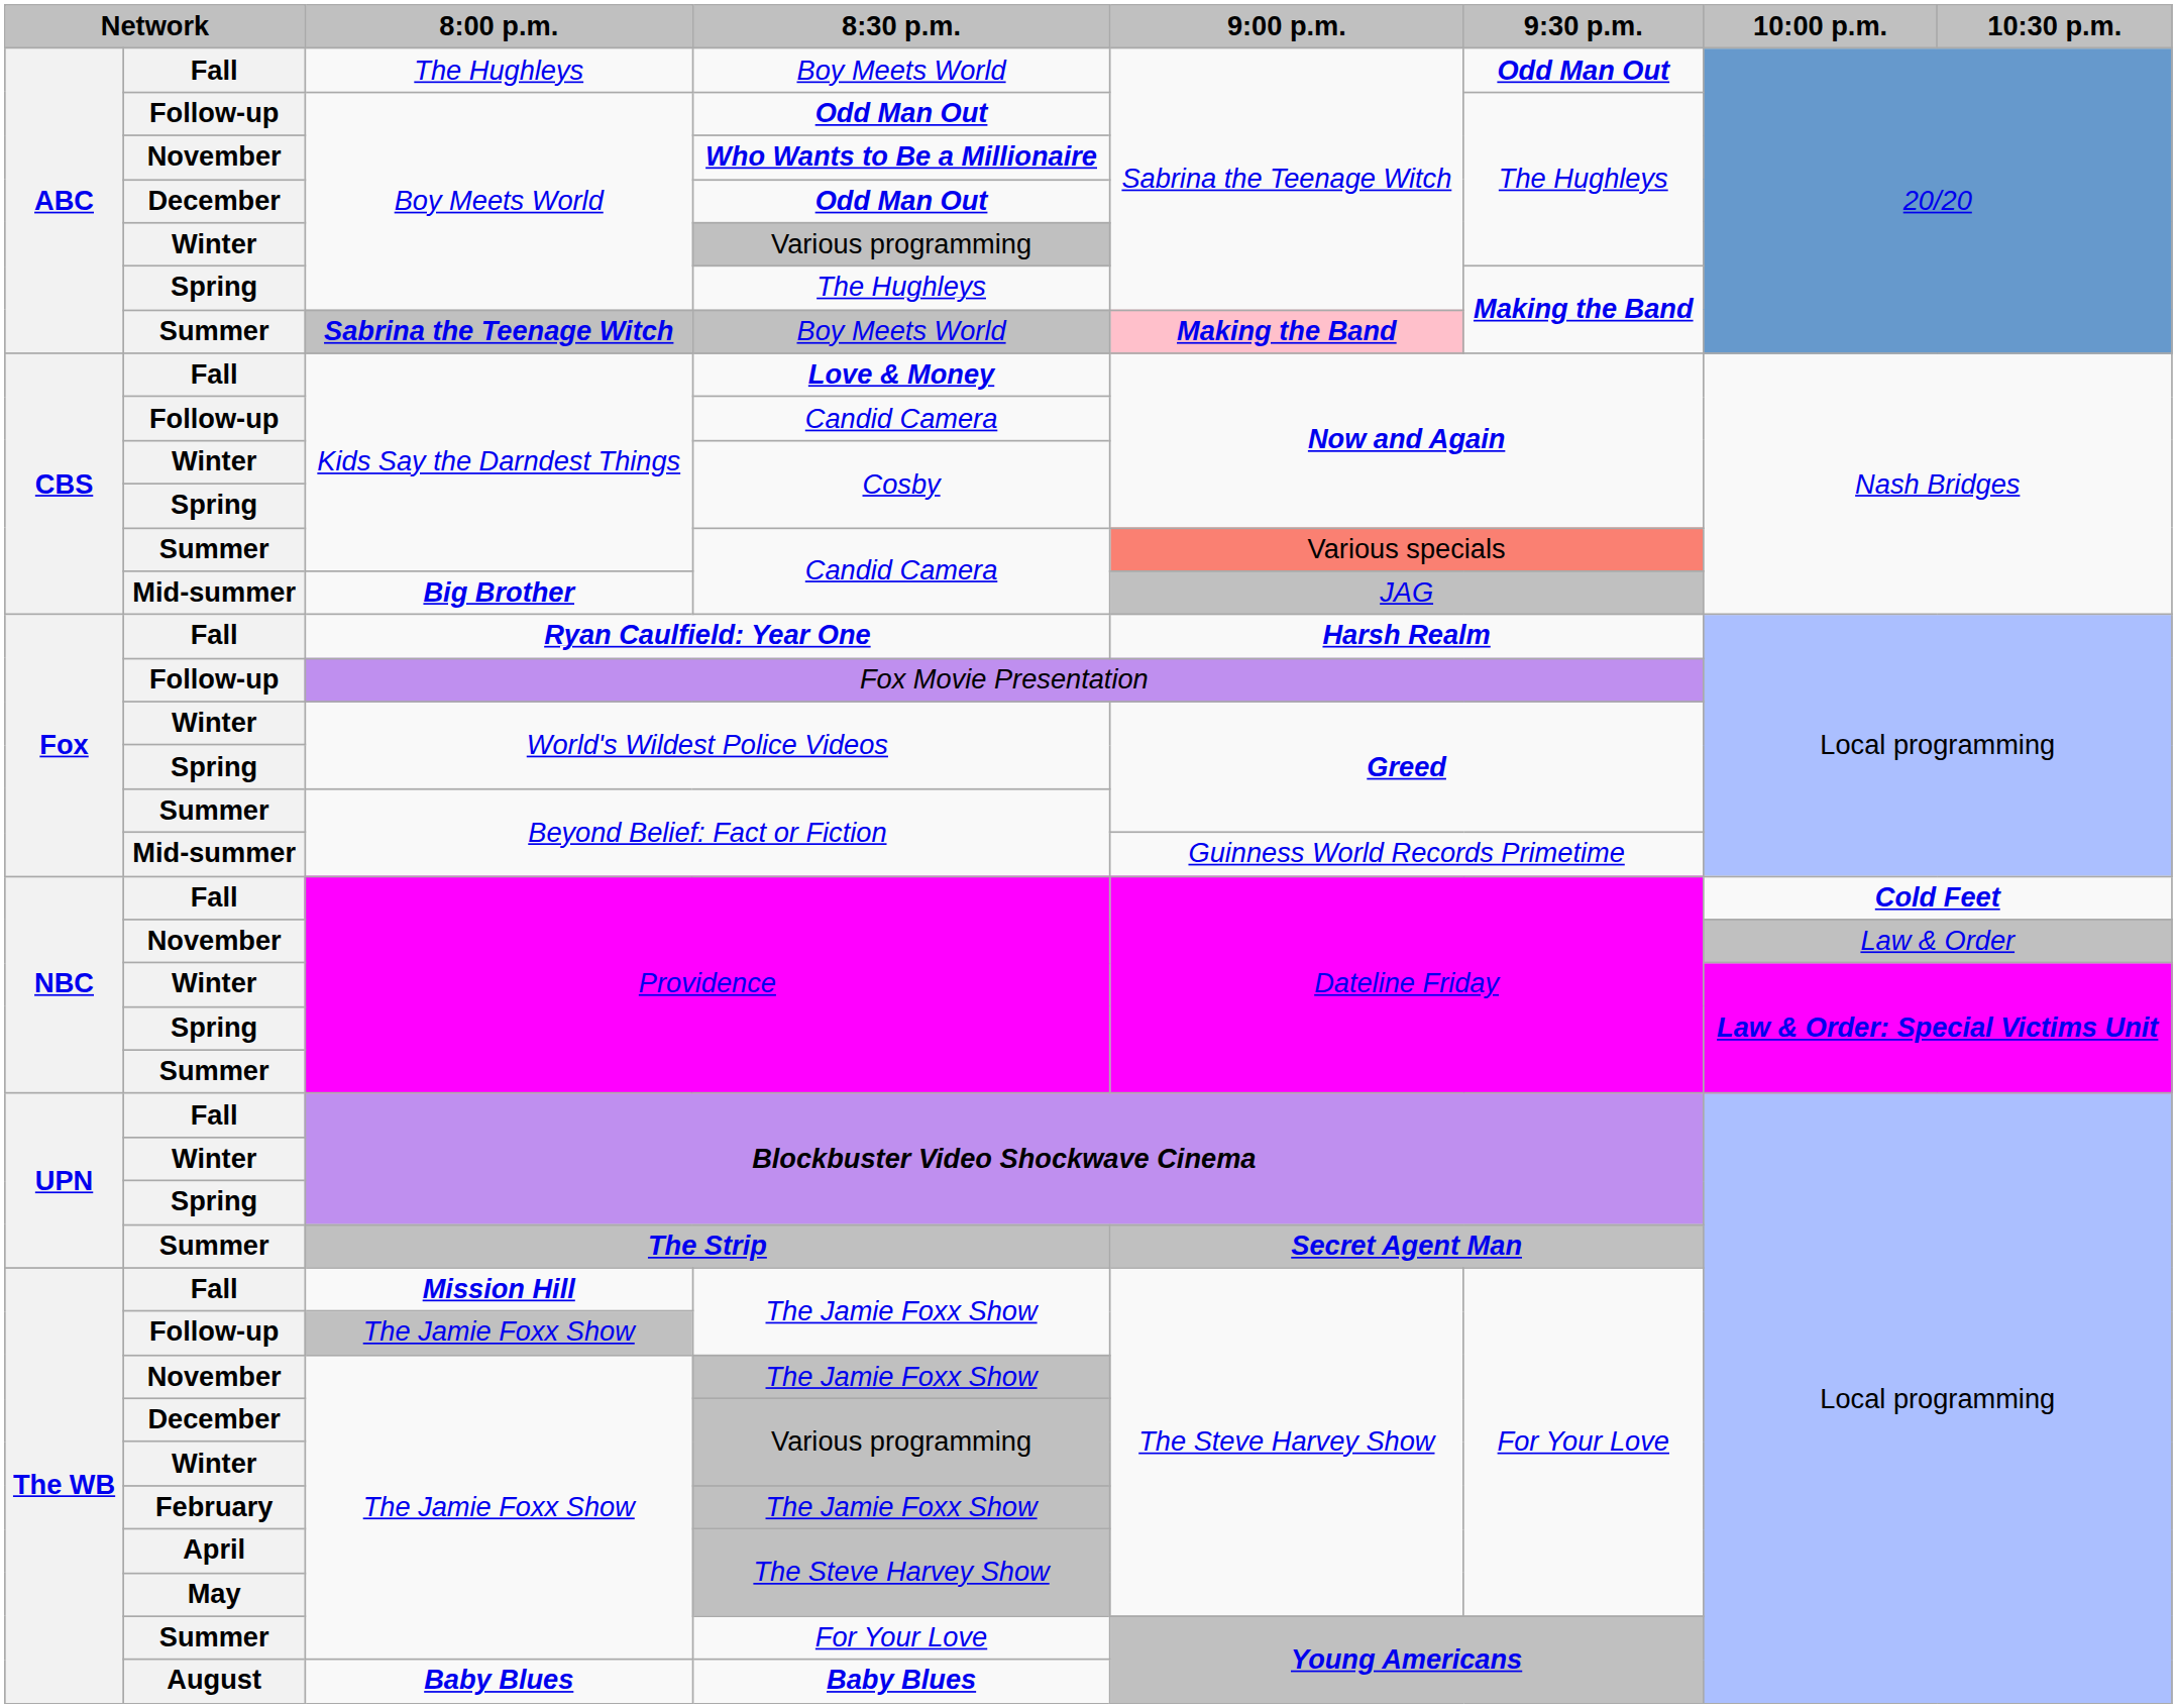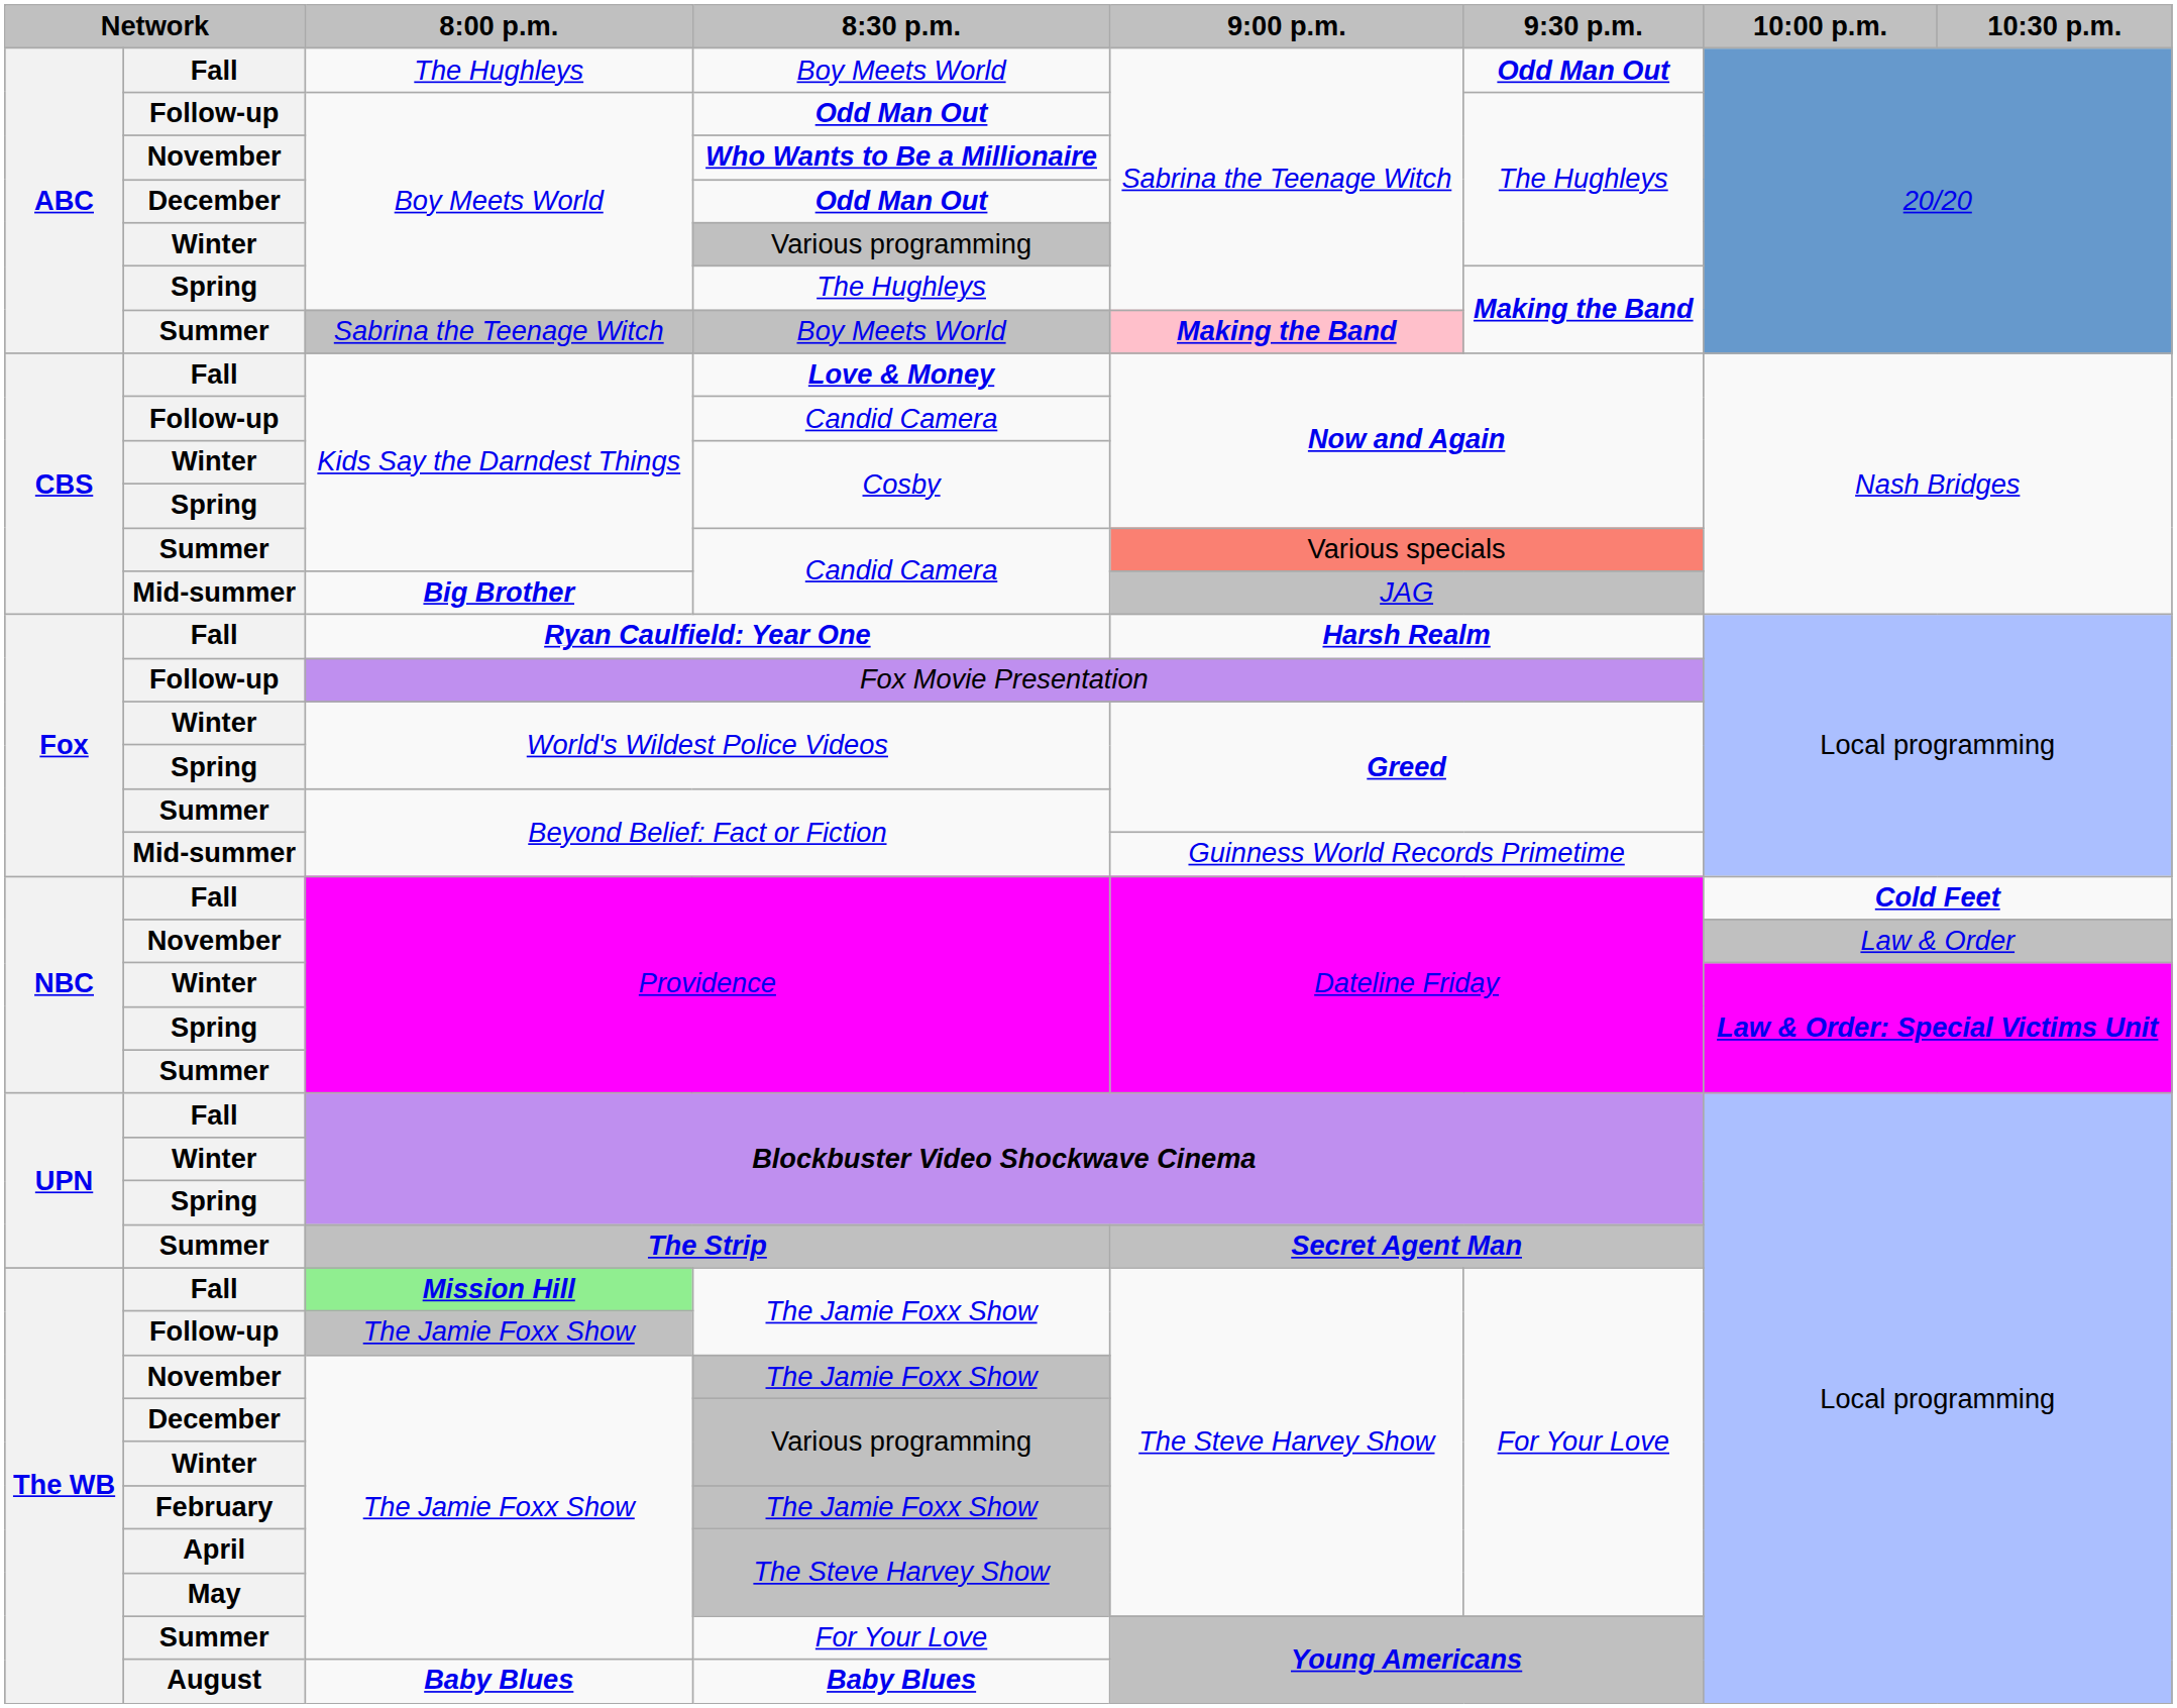 <table class="wikitable" style="width:100%;margin-right:0;text-align:center">
 <tr>
 <th colspan="2" style="background-color:#C0C0C0;text-align:center">Network</th>
 <th style="background-color:#C0C0C0;text-align:center">8:00 p.m.</th>
 <th style="background-color:#C0C0C0;text-align:center">8:30 p.m.</th>
 <th style="background-color:#C0C0C0;text-align:center">9:00 p.m.</th>
 <th style="background-color:#C0C0C0;text-align:center">9:30 p.m.</th>
 <th style="background-color:#C0C0C0;text-align:center">10:00 p.m.</th>
 <th style="background-color:#C0C0C0;text-align:center">10:30 p.m.</th>
 </tr>
 <tr>
 <th rowspan="7"><a href='#'>ABC</a></th>
 <th>Fall</th>
 <td><em><a href='#'>The Hughleys</a></em></td>
 <td><em><a href='#'>Boy Meets World</a></em></td>
 <td rowspan="6"><em><a href='#'>Sabrina the Teenage Witch</a></em></td>
 <td><strong><em><a href='#'>Odd Man Out</a></em></strong></td>
 <td rowspan="7" colspan="2" style="background:#6699CC;"><em><a href='#'>20/20</a></em></td>
 </tr>
 <tr>
 <th>Follow-up</th>
 <td rowspan="5"><em><a href='#'>Boy Meets World</a></em></td>
 <td><strong><em><a href='#'>Odd Man Out</a></em></strong></td>
 <td rowspan="4"><em><a href='#'>The Hughleys</a></em></td>
 </tr>
 <tr>
 <th>November</th>
 <td><strong><em><a href='#'>Who Wants to Be a Millionaire</a></em></strong></td>
 </tr>
 <tr>
 <th>December</th>
 <td><strong><em><a href='#'>Odd Man Out</a></em></strong></td>
 </tr>
 <tr>
 <th>Winter</th>
 <td style="background:#C0C0C0;">Various programming</td>
 </tr>
 <tr>
 <th>Spring</th>
 <td><em><a href='#'>The Hughleys</a></em></td>
 <td rowspan="2"><strong><em><a href='#'>Making the Band</a></em></strong></td>
 </tr>
 <tr>
 <th>Summer</th>
-<td style="background:#C0C0C0;"><strong><em><a href='#'>Sabrina the Teenage Witch</a></em> </strong></td>
+<td style="background:#C0C0C0;"><em><a href='#'>Sabrina the Teenage Witch</a></em> </td>
 <td style="background:#C0C0C0;"><em><a href='#'>Boy Meets World</a></em> </td>
 <td style="background: pink;"><strong><em><a href='#'>Making the Band</a></em></strong></td>
 </tr>
 <tr>
 <th rowspan="6"><a href='#'>CBS</a></th>
 <th>Fall</th>
 <td rowspan="5"><em><a href='#'>Kids Say the Darndest Things</a></em></td>
 <td><strong><em><a href='#'>Love & Money</a></em></strong></td>
 <td rowspan="4" colspan="2"><strong><em><a href='#'>Now and Again</a></em></strong></td>
 <td rowspan="6" colspan="2"><em><a href='#'>Nash Bridges</a></em></td>
 </tr>
 <tr>
 <th>Follow-up</th>
 <td><em><a href='#'>Candid Camera</a></em></td>
 </tr>
 <tr>
 <th>Winter</th>
 <td rowspan="2"><em><a href='#'>Cosby</a></em></td>
 </tr>
 <tr>
 <th>Spring</th>
 </tr>
 <tr>
 <th>Summer</th>
 <td rowspan="2"><em><a href='#'>Candid Camera</a></em></td>
 <td style="background:#FA8072;" colspan="2">Various specials</td>
 </tr>
 <tr>
 <th>Mid-summer</th>
 <td><strong><em><a href='#'>Big Brother</a></em></strong></td>
 <td colspan="2" style="background:#C0C0C0;"><em><a href='#'>JAG</a></em> </td>
 </tr>
 <tr>
 <th rowspan="6"><a href='#'>Fox</a></th>
 <th>Fall</th>
 <td colspan="2"><strong><em><a href='#'>Ryan Caulfield: Year One</a></em></strong></td>
 <td colspan="2"><strong><em><a href='#'>Harsh Realm</a></em></strong></td>
 <td style="background:#abbfff;" colspan="2" rowspan="6">Local programming</td>
 </tr>
 <tr>
 <th>Follow-up</th>
 <td colspan="4" style="background:#bf8fef"><em>Fox Movie Presentation</em></td>
 </tr>
 <tr>
 <th>Winter</th>
 <td colspan="2" rowspan="2"><em><a href='#'>World's Wildest Police Videos</a></em></td>
 <td colspan="2" rowspan="3"><strong><em><a href='#'>Greed</a></em></strong></td>
 </tr>
 <tr>
 <th>Spring</th>
 </tr>
 <tr>
 <th>Summer</th>
 <td colspan="2" rowspan="2"><em><a href='#'>Beyond Belief: Fact or Fiction</a></em></td>
 </tr>
 <tr>
 <th>Mid-summer</th>
 <td colspan="2"><em><a href='#'>Guinness World Records Primetime</a></em></td>
 </tr>
 <tr>
 <th rowspan="5"><a href='#'>NBC</a></th>
 <th>Fall</th>
 <td style="background:#FF00FF;" rowspan="5" colspan="2"><em><a href='#'>Providence</a></em> </td>
 <td style="background:#FF00FF;" colspan="2" rowspan="5"><em><a href='#'>Dateline Friday</a></em> </td>
 <td colspan="2"><strong><em><a href='#'>Cold Feet</a></em></strong></td>
 </tr>
 <tr>
 <th>November</th>
 <td colspan="2" style="background:#C0C0C0;"><em><a href='#'>Law & Order</a></em> </td>
 </tr>
 <tr>
 <th>Winter</th>
 <td style="background:#FF00FF;" colspan="2" rowspan="3"><strong><em><a href='#'>Law & Order: Special Victims Unit</a></em></strong> </td>
 </tr>
 <tr>
 <th>Spring</th>
 </tr>
 <tr>
 <th>Summer</th>
 </tr>
 <tr>
 <th rowspan="4"><a href='#'>UPN</a></th>
 <th>Fall</th>
 <td colspan="4" rowspan="3" style="background:#bf8fef;"><strong><em>Blockbuster Video Shockwave Cinema</em></strong></td>
 <td colspan="2" rowspan="14" style="background:#abbfff;">Local programming</td>
 </tr>
 <tr>
 <th>Winter</th>
 </tr>
 <tr>
 <th>Spring</th>
 </tr>
 <tr>
 <th>Summer</th>
 <td colspan="2" style="background:#C0C0C0;"><strong><em><a href='#'>The Strip</a></em></strong> </td>
 <td colspan="2" style="background:#C0C0C0;"><strong><em><a href='#'>Secret Agent Man</a></em></strong> </td>
 </tr>
 <tr>
 <th rowspan="10"><a href='#'>The WB</a></th>
 <th>Fall</th>
-<td><strong><em><a href='#'>Mission Hill</a></em></strong></td>
+<td style="background: lightgreen;"><strong><em><a href='#'>Mission Hill</a></em></strong></td>
 <td rowspan="2"><em><a href='#'>The Jamie Foxx Show</a></em></td>
 <td rowspan="8"><em><a href='#'>The Steve Harvey Show</a></em></td>
 <td rowspan="8"><em><a href='#'>For Your Love</a></em></td>
 </tr>
 <tr>
 <th>Follow-up</th>
 <td style="background:#C0C0C0;"><em><a href='#'>The Jamie Foxx Show</a></em> </td>
 </tr>
 <tr>
 <th>November</th>
 <td rowspan="7"><em><a href='#'>The Jamie Foxx Show</a></em></td>
 <td style="background:#C0C0C0;"><em><a href='#'>The Jamie Foxx Show</a></em> </td>
 </tr>
 <tr>
 <th>December</th>
 <td rowspan="2" style="background:#C0C0C0;">Various programming</td>
 </tr>
 <tr>
 <th>Winter</th>
 </tr>
 <tr>
 <th>February</th>
 <td style="background:#C0C0C0;"><em><a href='#'>The Jamie Foxx Show</a></em> </td>
 </tr>
 <tr>
 <th>April</th>
 <td rowspan="2" style="background:#C0C0C0;"><em><a href='#'>The Steve Harvey Show</a></em> </td>
 </tr>
 <tr>
 <th>May</th>
 </tr>
 <tr>
 <th>Summer</th>
 <td><em><a href='#'>For Your Love</a></em></td>
 <td colspan="2" rowspan="2" style="background:#C0C0C0;"><strong><em><a href='#'>Young Americans</a></em></strong> </td>
 </tr>
 <tr>
 <th>August</th>
 <td><strong><em><a href='#'>Baby Blues</a></em></strong></td>
 <td><strong><em><a href='#'>Baby Blues</a></em></strong></td>
 </tr>
 </table>
